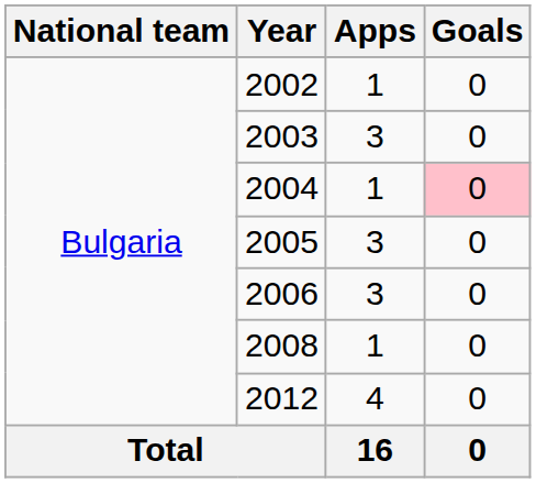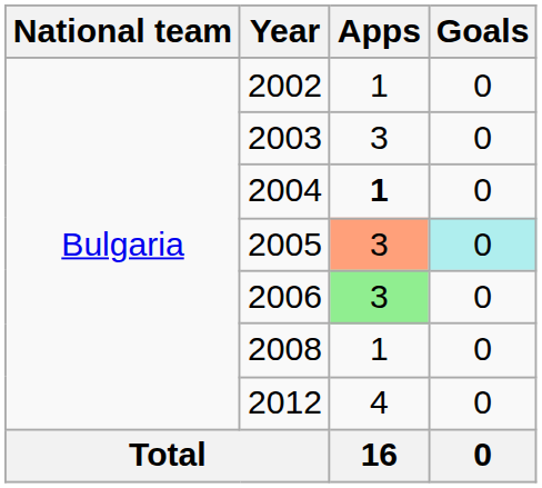 <table class="wikitable" style="text-align:center">
 <tr>
 <th>National team</th>
 <th>Year</th>
 <th>Apps</th>
 <th>Goals</th>
 </tr>
 <tr>
 <td rowspan="7"><a href='#'>Bulgaria</a></td>
 <td>2002</td>
 <td>1</td>
 <td>0</td>
 </tr>
 <tr>
 <td>2003</td>
 <td>3</td>
 <td>0</td>
 </tr>
 <tr>
 <td>2004</td>
-<td>1</td>
-<td style="background: pink;">0</td>
+<td><strong>1</strong></td>
+<td>0</td>
 </tr>
 <tr>
 <td>2005</td>
-<td>3</td>
-<td>0</td>
+<td style="background: lightsalmon;">3</td>
+<td style="background: paleturquoise;">0</td>
 </tr>
 <tr>
 <td>2006</td>
-<td>3</td>
+<td style="background: lightgreen;">3</td>
 <td>0</td>
 </tr>
 <tr>
 <td>2008</td>
 <td>1</td>
 <td>0</td>
 </tr>
 <tr>
 <td>2012</td>
 <td>4</td>
 <td>0</td>
 </tr>
 <tr>
 <th colspan="2">Total</th>
 <th>16</th>
 <th>0</th>
 </tr>
 </table>
